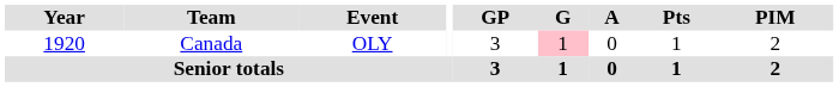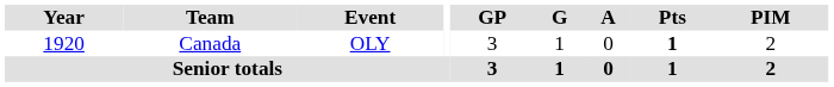 <table border="0" cellpadding="1" cellspacing="0" ID="Table3" style="text-align:center; width:40em">
 <tr bgcolor="#e0e0e0">
 <th>Year</th>
 <th>Team</th>
 <th>Event</th>
 <th rowspan="102" bgcolor="#ffffff"></th>
 <th>GP</th>
 <th>G</th>
 <th>A</th>
 <th>Pts</th>
 <th>PIM</th>
 </tr>
 <tr>
 <td><a href='#'>1920</a></td>
 <td><a href='#'>Canada</a></td>
 <td><a href='#'>OLY</a></td>
 <td>3</td>
-<td style="background: pink;">1</td>
+<td>1</td>
 <td>0</td>
-<td>1</td>
+<td><strong>1</strong></td>
 <td>2</td>
 </tr>
 <tr bgcolor="#e0e0e0">
 <th colspan="4">Senior totals</th>
 <th>3</th>
 <th>1</th>
 <th>0</th>
 <th>1</th>
 <th>2</th>
 </tr>
 </table>
